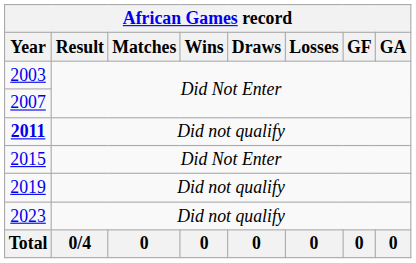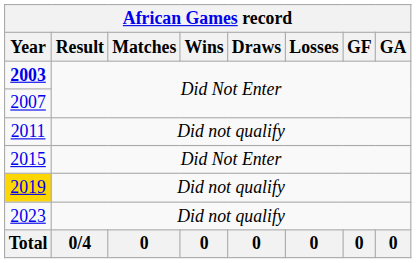 <table class="wikitable" style="text-align: center;">
 <tr>
 <th colspan=8><a href='#'>African Games</a> record</th>
 </tr>
 <tr>
 <th>Year</th>
 <th>Result</th>
 <th>Matches</th>
 <th>Wins</th>
 <th>Draws</th>
 <th>Losses</th>
 <th>GF</th>
 <th>GA</th>
 </tr>
 <tr>
-<td> <a href='#'>2003</a></td>
+<td><strong> <a href='#'>2003</a></strong></td>
 <td colspan="7" rowspan="2"><em>Did Not Enter</em></td>
 </tr>
 <tr>
 <td> <a href='#'>2007</a></td>
 </tr>
 <tr>
-<td><strong> <a href='#'>2011</a></strong></td>
+<td> <a href='#'>2011</a></td>
 <td colspan="7"><em>Did not qualify</em></td>
 </tr>
 <tr>
 <td> <a href='#'>2015</a></td>
 <td colspan="7"><em>Did Not Enter</em></td>
 </tr>
 <tr>
-<td> <a href='#'>2019</a></td>
+<td style="background: gold;"> <a href='#'>2019</a></td>
 <td colspan="7"><em>Did not qualify</em></td>
 </tr>
 <tr>
 <td> <a href='#'>2023</a></td>
 <td colspan="7"><em>Did not qualify</em></td>
 </tr>
 <tr>
 <th>Total</th>
 <th>0/4</th>
 <th>0</th>
 <th>0</th>
 <th>0</th>
 <th>0</th>
 <th>0</th>
 <th>0</th>
 </tr>
 </table>
